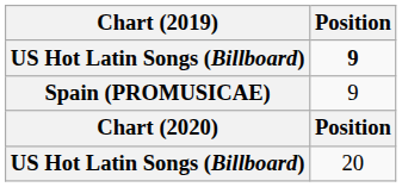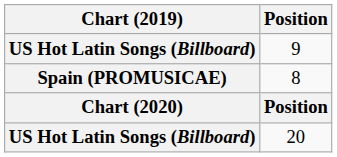 <table class="wikitable plainrowheaders" style="text-align:center">
 <tr>
 <th scope="col">Chart (2019)</th>
 <th scope="col">Position</th>
 </tr>
 <tr>
 <th scope="row">US Hot Latin Songs (<em>Billboard</em>)</th>
-<td><strong>9</strong></td>
+<td>9</td>
 </tr>
 <tr>
 <th scope="row">Spain (PROMUSICAE)</th>
-<td>9</td>
+<td>8</td>
 </tr>
 <tr>
 <th scope="col">Chart (2020)</th>
 <th scope="col">Position</th>
 </tr>
 <tr>
 <th scope="row">US Hot Latin Songs (<em>Billboard</em>)</th>
 <td>20</td>
 </tr>
 </table>
